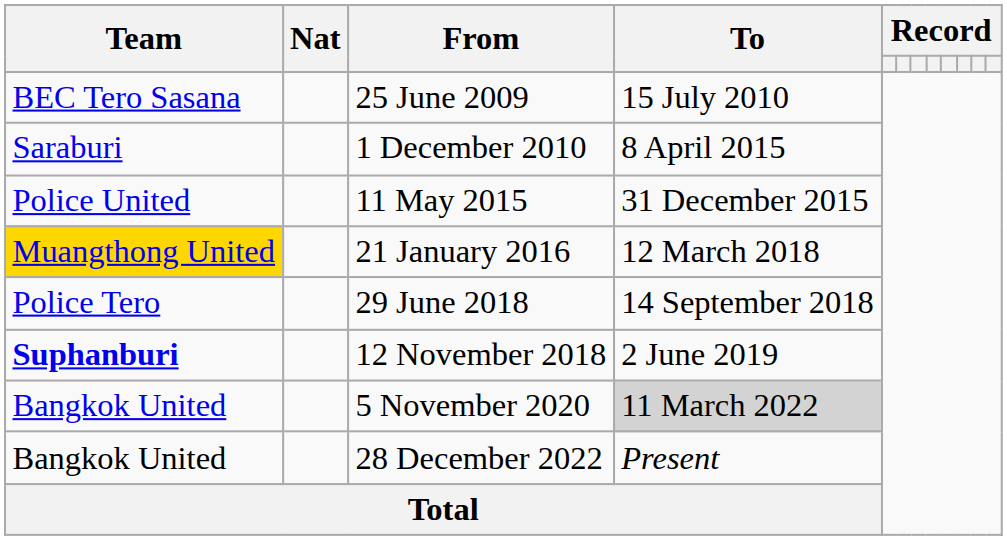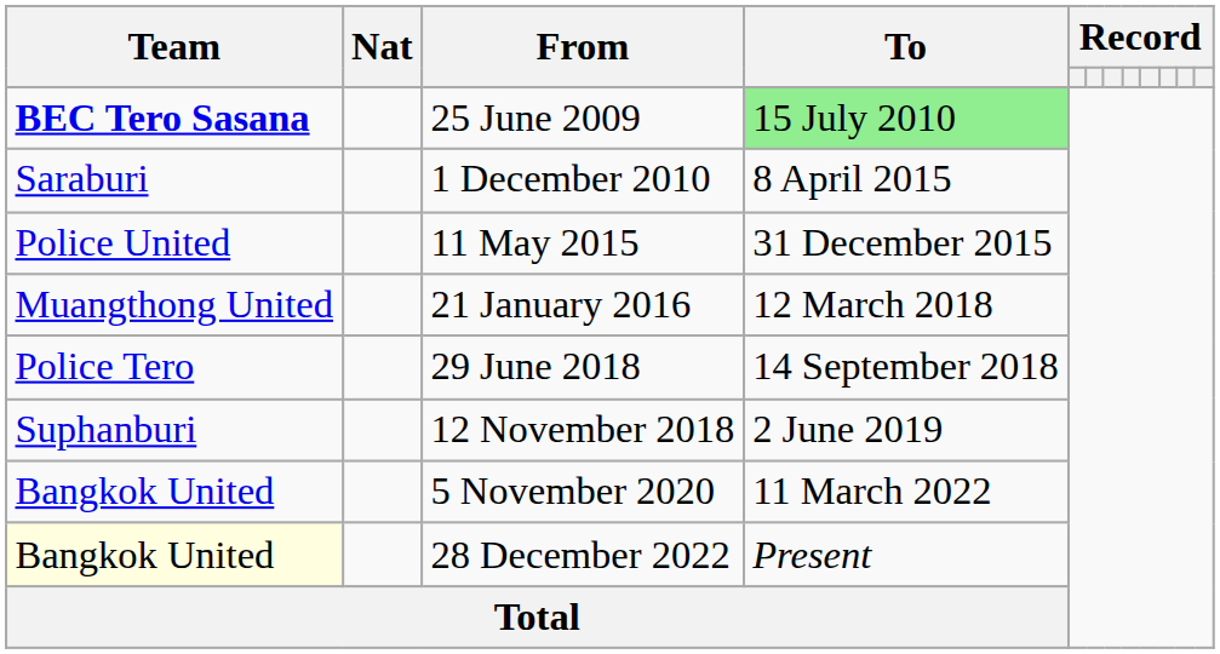 <table class=wikitable style="text-align: center">
 <tr>
 <th rowspan=2>Team</th>
 <th rowspan=2>Nat</th>
 <th rowspan=2>From</th>
 <th rowspan=2>To</th>
 <th colspan=8>Record</th>
 </tr>
 <tr>
 <th></th>
 <th></th>
 <th></th>
 <th></th>
 <th></th>
 <th></th>
 <th></th>
 <th></th>
 </tr>
 <tr>
-<td align="left"><a href='#'>BEC Tero Sasana</a></td>
+<td align="left"><strong><a href='#'>BEC Tero Sasana</a></strong></td>
 <td></td>
 <td align="left">25 June 2009</td>
-<td align="left">15 July 2010<br></td>
+<td align="left" style="background: lightgreen;">15 July 2010<br></td>
 </tr>
 <tr>
 <td align="left"><a href='#'>Saraburi</a></td>
 <td></td>
 <td align="left">1 December 2010</td>
 <td align="left">8 April 2015<br></td>
 </tr>
 <tr>
 <td align="left"><a href='#'>Police United</a></td>
 <td></td>
 <td align="left">11 May 2015</td>
 <td align="left">31 December 2015<br></td>
 </tr>
 <tr>
-<td align="left" style="background: gold;"><a href='#'>Muangthong United</a></td>
+<td align="left"><a href='#'>Muangthong United</a></td>
 <td></td>
 <td align="left">21 January 2016</td>
 <td align="left">12 March 2018<br></td>
 </tr>
 <tr>
 <td align="left"><a href='#'>Police Tero</a></td>
 <td></td>
 <td align="left">29 June 2018</td>
 <td align="left">14 September 2018<br></td>
 </tr>
 <tr>
-<td align="left"><strong><a href='#'>Suphanburi</a></strong></td>
+<td align="left"><a href='#'>Suphanburi</a></td>
 <td></td>
 <td align="left">12 November 2018</td>
 <td align="left">2 June 2019<br></td>
 </tr>
 <tr>
 <td align="left"><a href='#'>Bangkok United</a></td>
 <td></td>
 <td align="left">5 November 2020</td>
-<td align="left" style="background: lightgrey;">11 March 2022<br></td>
+<td align="left">11 March 2022<br></td>
 </tr>
 <tr>
-<td align="left">Bangkok United</td>
+<td align="left" style="background: lightyellow;">Bangkok United</td>
 <td></td>
 <td align="left">28 December 2022</td>
 <td align="left"><em>Present</em><br></td>
 </tr>
 <tr>
 <th colspan="4">Total<br></th>
 </tr>
 </table>
